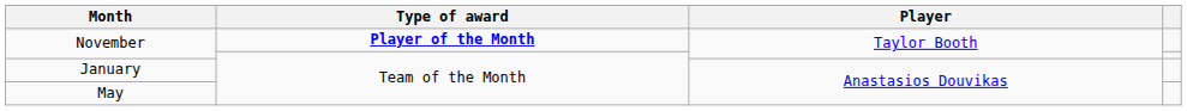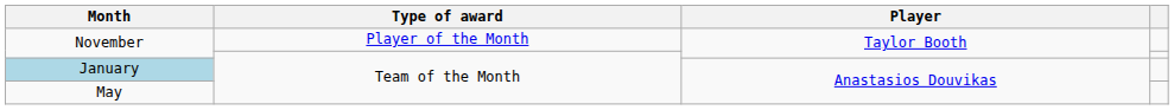 <table class="wikitable" style="text-align: center; font-size: 95%; width: 80%;">
 <tr>
 <th>Month</th>
 <th>Type of award</th>
 <th>Player</th>
 <th></th>
 </tr>
 <tr>
 <td rowspan="2">November</td>
-<td><strong><a href='#'>Player of the Month</a></strong></td>
+<td><a href='#'>Player of the Month</a></td>
 <td rowspan="2"> <a href='#'>Taylor Booth</a></td>
 <td></td>
 </tr>
 <tr>
 <td rowspan="3">Team of the Month</td>
 <td></td>
 </tr>
 <tr>
-<td>January</td>
+<td style="background: lightblue;">January</td>
 <td rowspan="2"> <a href='#'>Anastasios Douvikas</a></td>
 <td></td>
 </tr>
 <tr>
 <td>May</td>
 <td></td>
 </tr>
 </table>
